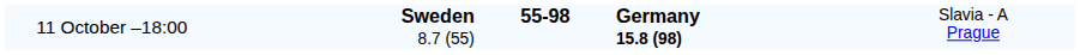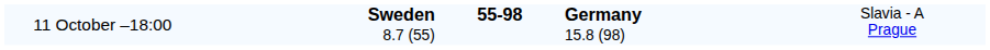 <table style="width: 100%; background:#F5FAFF;" cellspacing="0">
 <tr>
 <td style=font-size:95% align=center rowspan=3 width=20%>11 October –18:00</td>
 </tr>
 <tr>
 <td width=24% align=right><strong>Sweden</strong> </td>
 <td align=center width=13%><strong>55-98</strong></td>
 <td width=24%> <strong>Germany</strong></td>
 <td style=font-size:85% rowspan=3 valign=top align=center>Slavia - A <br><a href='#'>Prague</a></td>
 </tr>
 <tr style=font-size:85%>
 <td align=right>8.7 (55)</td>
 <td align=center></td>
-<td><strong>15.8 (98)</strong></td>
+<td>15.8 (98)</td>
 </tr>
 </table>
